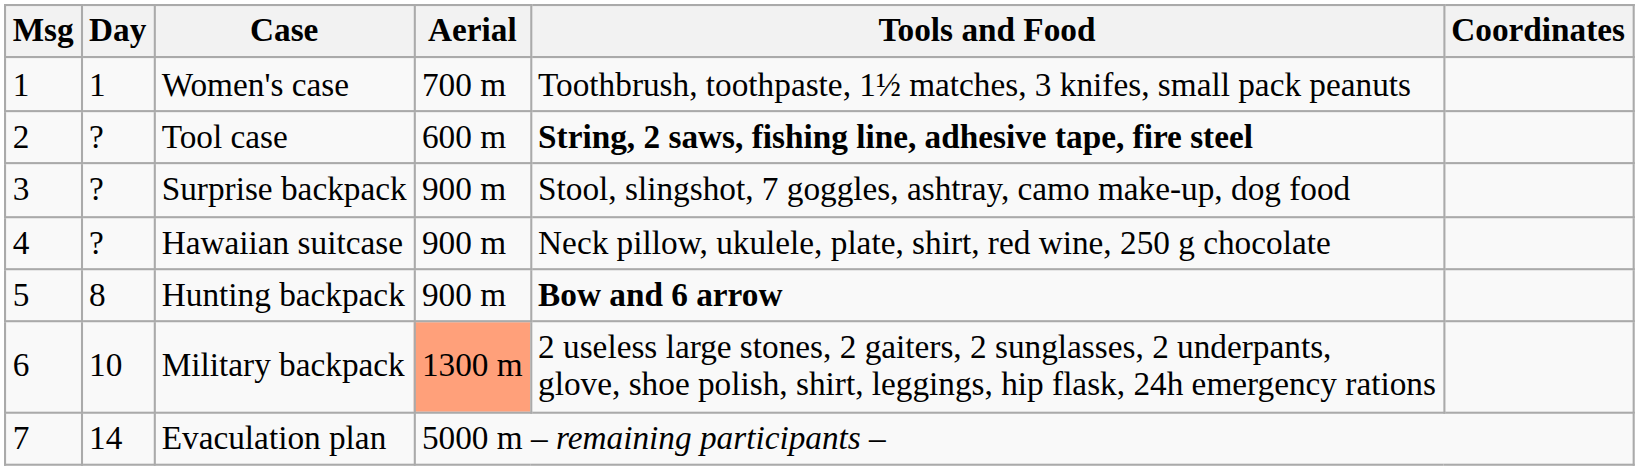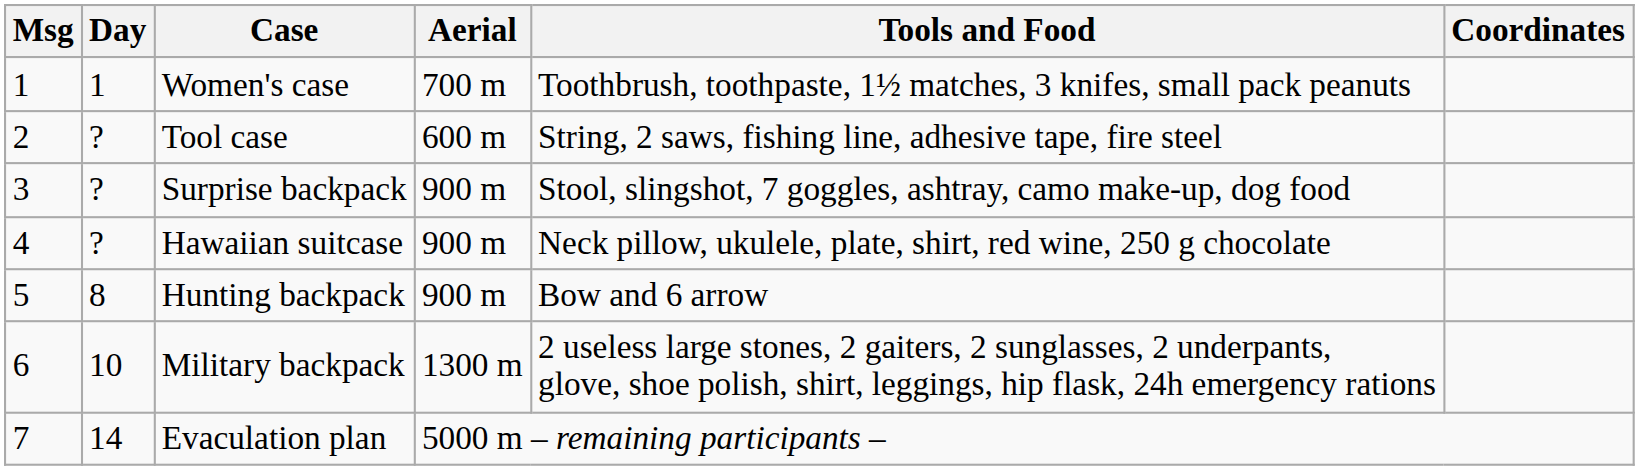 <table class="wikitable">
 <tr>
 <th>Msg</th>
 <th>Day</th>
 <th>Case</th>
 <th>Aerial</th>
 <th>Tools and Food</th>
 <th>Coordinates</th>
 </tr>
 <tr>
 <td>1</td>
 <td>1</td>
 <td>Women's case</td>
 <td>700 m</td>
 <td>Toothbrush, toothpaste, 1½ matches, 3 knifes, small pack peanuts</td>
 <td></td>
 </tr>
 <tr>
 <td>2</td>
 <td>?</td>
 <td>Tool case</td>
 <td>600 m</td>
-<td><strong>String, 2 saws, fishing line, adhesive tape, fire steel</strong></td>
+<td>String, 2 saws, fishing line, adhesive tape, fire steel</td>
 <td></td>
 </tr>
 <tr>
 <td>3</td>
 <td>?</td>
 <td>Surprise backpack</td>
 <td>900 m</td>
 <td>Stool, slingshot, 7 goggles, ashtray, camo make-up, dog food</td>
 <td></td>
 </tr>
 <tr>
 <td>4</td>
 <td>?</td>
 <td>Hawaiian suitcase</td>
 <td>900 m</td>
 <td>Neck pillow, ukulele, plate, shirt, red wine, 250 g chocolate</td>
 <td></td>
 </tr>
 <tr>
 <td>5</td>
 <td>8</td>
 <td>Hunting backpack</td>
 <td>900 m</td>
-<td><strong>Bow and 6 arrow</strong></td>
+<td>Bow and 6 arrow</td>
 <td></td>
 </tr>
 <tr>
 <td>6</td>
 <td>10</td>
 <td>Military backpack</td>
-<td style="background: lightsalmon;">1300 m</td>
+<td>1300 m</td>
 <td>2 useless large stones, 2 gaiters, 2 sunglasses, 2 underpants,<br>glove, shoe polish, shirt, leggings, hip flask, 24h emergency rations</td>
 <td></td>
 </tr>
 <tr>
 <td>7</td>
 <td>14</td>
 <td>Evaculation plan</td>
 <td colspan="3">5000 m       <em>– remaining participants –</em></td>
 </tr>
 </table>
